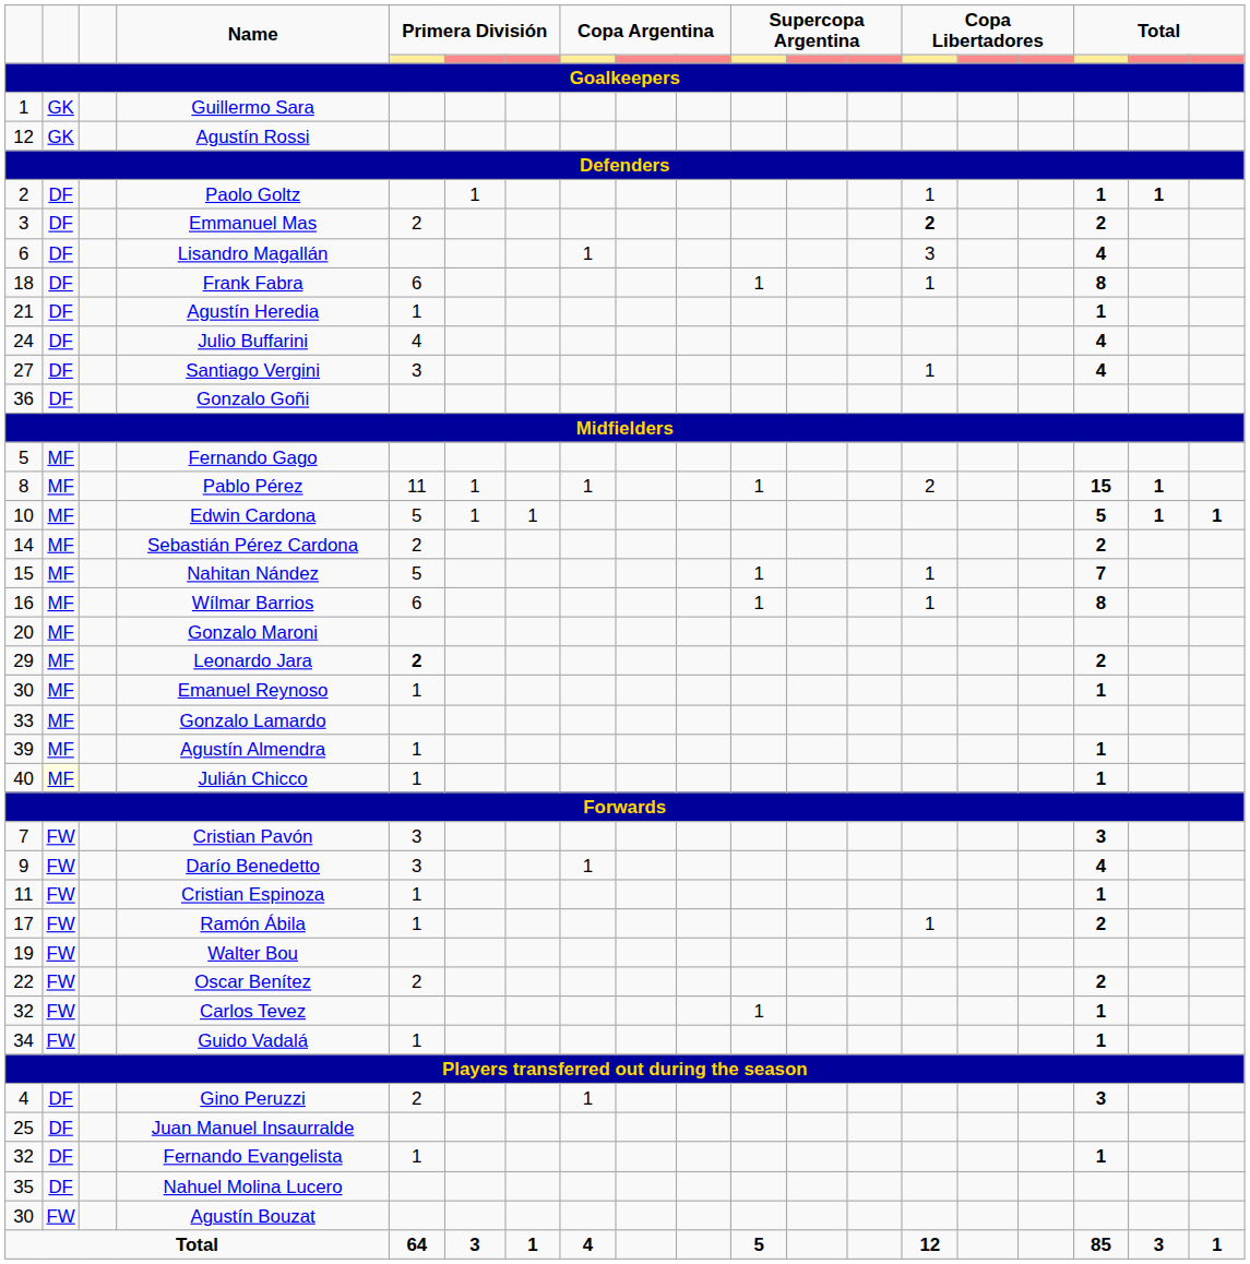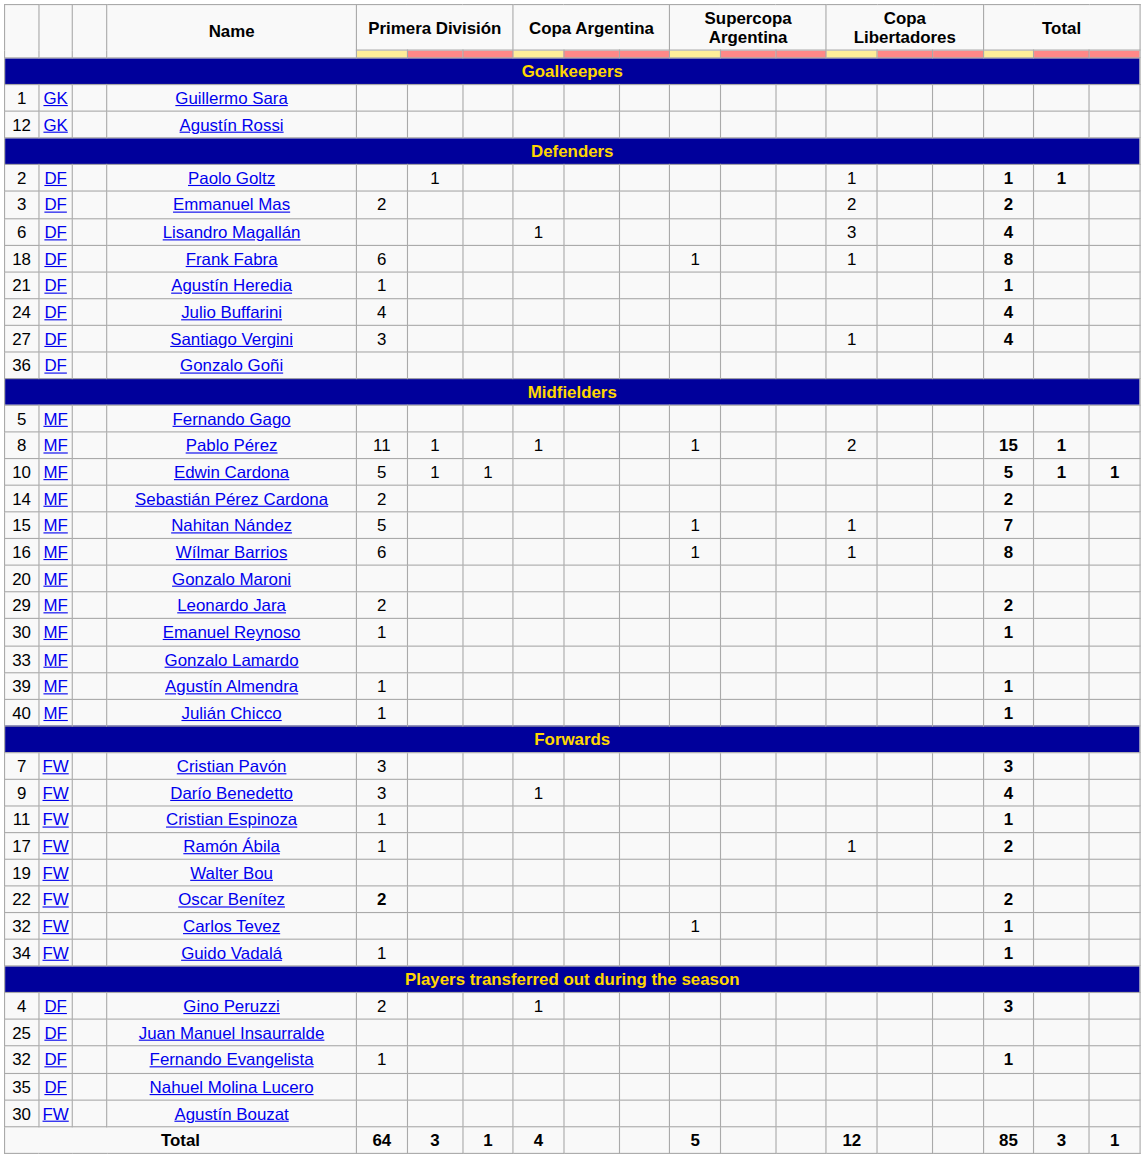 <table class="wikitable" style="font-size: 95%; text-align: center;">
 <tr>
 <td rowspan="2"  style="width:3%; text-align:center;"><strong></strong></td>
 <td rowspan="2"  style="width:3%; text-align:center;"><strong></strong></td>
 <td rowspan="2"  style="width:3%; text-align:center;"><strong></strong></td>
 <td rowspan="2"  style="width:22%; text-align:center;"><strong>Name</strong></td>
 <td colspan="3" style="text-align:center;"><strong>Primera División</strong></td>
 <td colspan="3" style="text-align:center;"><strong>Copa Argentina</strong></td>
 <td colspan="3" style="text-align:center;"><strong>Supercopa Argentina</strong></td>
 <td colspan="3" style="text-align:center;"><strong>Copa Libertadores</strong></td>
 <td colspan="3" style="text-align:center;"><strong>Total</strong></td>
 </tr>
 <tr>
 <th style="width:25px; background:#fe9;"></th>
 <th style="width:28px; background:#ff8888;"></th>
 <th style="width:25px; background:#ff8888;"></th>
 <th style="width:25px; background:#fe9;"></th>
 <th style="width:28px; background:#ff8888;"></th>
 <th style="width:25px; background:#ff8888;"></th>
 <th style="width:25px; background:#fe9;"></th>
 <th style="width:28px; background:#ff8888;"></th>
 <th style="width:25px; background:#ff8888;"></th>
 <th style="width:25px; background:#fe9;"></th>
 <th style="width:28px; background:#ff8888;"></th>
 <th style="width:25px; background:#ff8888;"></th>
 <th style="width:25px; background:#fe9;"></th>
 <th style="width:28px; background:#ff8888;"></th>
 <th style="width:25px; background:#ff8888;"></th>
 </tr>
 <tr>
 <th colspan="19" style="background:#00009B; color:gold; text-align:center">Goalkeepers</th>
 </tr>
 <tr>
 <td>1</td>
 <td><a href='#'>GK</a></td>
 <td></td>
 <td><a href='#'>Guillermo Sara</a></td>
 <td></td>
 <td></td>
 <td></td>
 <td></td>
 <td></td>
 <td></td>
 <td></td>
 <td></td>
 <td></td>
 <td></td>
 <td></td>
 <td></td>
 <td></td>
 <td></td>
 <td></td>
 </tr>
 <tr>
 <td>12</td>
 <td><a href='#'>GK</a></td>
 <td></td>
 <td><a href='#'>Agustín Rossi</a></td>
 <td></td>
 <td></td>
 <td></td>
 <td></td>
 <td></td>
 <td></td>
 <td></td>
 <td></td>
 <td></td>
 <td></td>
 <td></td>
 <td></td>
 <td></td>
 <td></td>
 <td></td>
 </tr>
 <tr>
 <th colspan="19" style="background:#00009B; color:gold; text-align:center">Defenders</th>
 </tr>
 <tr>
 <td>2</td>
 <td><a href='#'>DF</a></td>
 <td></td>
 <td><a href='#'>Paolo Goltz</a></td>
 <td></td>
 <td>1</td>
 <td></td>
 <td></td>
 <td></td>
 <td></td>
 <td></td>
 <td></td>
 <td></td>
 <td>1</td>
 <td></td>
 <td></td>
 <td><strong>1</strong></td>
 <td><strong>1</strong></td>
 <td></td>
 </tr>
 <tr>
 <td>3</td>
 <td><a href='#'>DF</a></td>
 <td></td>
 <td><a href='#'>Emmanuel Mas</a></td>
 <td>2</td>
 <td></td>
 <td></td>
 <td></td>
 <td></td>
 <td></td>
 <td></td>
 <td></td>
 <td></td>
-<td><strong>2</strong></td>
+<td>2</td>
 <td></td>
 <td></td>
 <td><strong>2</strong></td>
 <td></td>
 <td></td>
 </tr>
 <tr>
 <td>6</td>
 <td><a href='#'>DF</a></td>
 <td></td>
 <td><a href='#'>Lisandro Magallán</a></td>
 <td></td>
 <td></td>
 <td></td>
 <td>1</td>
 <td></td>
 <td></td>
 <td></td>
 <td></td>
 <td></td>
 <td>3</td>
 <td></td>
 <td></td>
 <td><strong>4</strong></td>
 <td></td>
 <td></td>
 </tr>
 <tr>
 <td>18</td>
 <td><a href='#'>DF</a></td>
 <td></td>
 <td><a href='#'>Frank Fabra</a></td>
 <td>6</td>
 <td></td>
 <td></td>
 <td></td>
 <td></td>
 <td></td>
 <td>1</td>
 <td></td>
 <td></td>
 <td>1</td>
 <td></td>
 <td></td>
 <td><strong>8</strong></td>
 <td></td>
 <td></td>
 </tr>
 <tr>
 <td>21</td>
 <td><a href='#'>DF</a></td>
 <td></td>
 <td><a href='#'>Agustín Heredia</a></td>
 <td>1</td>
 <td></td>
 <td></td>
 <td></td>
 <td></td>
 <td></td>
 <td></td>
 <td></td>
 <td></td>
 <td></td>
 <td></td>
 <td></td>
 <td><strong>1</strong></td>
 <td></td>
 <td></td>
 </tr>
 <tr>
 <td>24</td>
 <td><a href='#'>DF</a></td>
 <td></td>
 <td><a href='#'>Julio Buffarini</a></td>
 <td>4</td>
 <td></td>
 <td></td>
 <td></td>
 <td></td>
 <td></td>
 <td></td>
 <td></td>
 <td></td>
 <td></td>
 <td></td>
 <td></td>
 <td><strong>4</strong></td>
 <td></td>
 <td></td>
 </tr>
 <tr>
 <td>27</td>
 <td><a href='#'>DF</a></td>
 <td></td>
 <td><a href='#'>Santiago Vergini</a></td>
 <td>3</td>
 <td></td>
 <td></td>
 <td></td>
 <td></td>
 <td></td>
 <td></td>
 <td></td>
 <td></td>
 <td>1</td>
 <td></td>
 <td></td>
 <td><strong>4</strong></td>
 <td></td>
 <td></td>
 </tr>
 <tr>
 <td>36</td>
 <td><a href='#'>DF</a></td>
 <td></td>
 <td><a href='#'>Gonzalo Goñi</a></td>
 <td></td>
 <td></td>
 <td></td>
 <td></td>
 <td></td>
 <td></td>
 <td></td>
 <td></td>
 <td></td>
 <td></td>
 <td></td>
 <td></td>
 <td></td>
 <td></td>
 <td></td>
 </tr>
 <tr>
 <th colspan="19" style="background:#00009B; color:gold; text-align:center">Midfielders</th>
 </tr>
 <tr>
 <td>5</td>
 <td><a href='#'>MF</a></td>
 <td></td>
 <td><a href='#'>Fernando Gago</a></td>
 <td></td>
 <td></td>
 <td></td>
 <td></td>
 <td></td>
 <td></td>
 <td></td>
 <td></td>
 <td></td>
 <td></td>
 <td></td>
 <td></td>
 <td></td>
 <td></td>
 <td></td>
 </tr>
 <tr>
 <td>8</td>
 <td><a href='#'>MF</a></td>
 <td></td>
 <td><a href='#'>Pablo Pérez</a></td>
 <td>11</td>
 <td>1</td>
 <td></td>
 <td>1</td>
 <td></td>
 <td></td>
 <td>1</td>
 <td></td>
 <td></td>
 <td>2</td>
 <td></td>
 <td></td>
 <td><strong>15</strong></td>
 <td><strong>1</strong></td>
 <td></td>
 </tr>
 <tr>
 <td>10</td>
 <td><a href='#'>MF</a></td>
 <td></td>
 <td><a href='#'>Edwin Cardona</a></td>
 <td>5</td>
 <td>1</td>
 <td>1</td>
 <td></td>
 <td></td>
 <td></td>
 <td></td>
 <td></td>
 <td></td>
 <td></td>
 <td></td>
 <td></td>
 <td><strong>5</strong></td>
 <td><strong>1</strong></td>
 <td><strong>1</strong></td>
 </tr>
 <tr>
 <td>14</td>
 <td><a href='#'>MF</a></td>
 <td></td>
 <td><a href='#'>Sebastián Pérez Cardona</a></td>
 <td>2</td>
 <td></td>
 <td></td>
 <td></td>
 <td></td>
 <td></td>
 <td></td>
 <td></td>
 <td></td>
 <td></td>
 <td></td>
 <td></td>
 <td><strong>2</strong></td>
 <td></td>
 <td></td>
 </tr>
 <tr>
 <td>15</td>
 <td><a href='#'>MF</a></td>
 <td></td>
 <td><a href='#'>Nahitan Nández</a></td>
 <td>5</td>
 <td></td>
 <td></td>
 <td></td>
 <td></td>
 <td></td>
 <td>1</td>
 <td></td>
 <td></td>
 <td>1</td>
 <td></td>
 <td></td>
 <td><strong>7</strong></td>
 <td></td>
 <td></td>
 </tr>
 <tr>
 <td>16</td>
 <td><a href='#'>MF</a></td>
 <td></td>
 <td><a href='#'>Wílmar Barrios</a></td>
 <td>6</td>
 <td></td>
 <td></td>
 <td></td>
 <td></td>
 <td></td>
 <td>1</td>
 <td></td>
 <td></td>
 <td>1</td>
 <td></td>
 <td></td>
 <td><strong>8</strong></td>
 <td></td>
 <td></td>
 </tr>
 <tr>
 <td>20</td>
 <td><a href='#'>MF</a></td>
 <td></td>
 <td><a href='#'>Gonzalo Maroni</a></td>
 <td></td>
 <td></td>
 <td></td>
 <td></td>
 <td></td>
 <td></td>
 <td></td>
 <td></td>
 <td></td>
 <td></td>
 <td></td>
 <td></td>
 <td></td>
 <td></td>
 <td></td>
 </tr>
 <tr>
 <td>29</td>
 <td><a href='#'>MF</a></td>
 <td></td>
 <td><a href='#'>Leonardo Jara</a></td>
-<td><strong>2</strong></td>
+<td>2</td>
 <td></td>
 <td></td>
 <td></td>
 <td></td>
 <td></td>
 <td></td>
 <td></td>
 <td></td>
 <td></td>
 <td></td>
 <td></td>
 <td><strong>2</strong></td>
 <td></td>
 <td></td>
 </tr>
 <tr>
 <td>30</td>
 <td><a href='#'>MF</a></td>
 <td></td>
 <td><a href='#'>Emanuel Reynoso</a></td>
 <td>1</td>
 <td></td>
 <td></td>
 <td></td>
 <td></td>
 <td></td>
 <td></td>
 <td></td>
 <td></td>
 <td></td>
 <td></td>
 <td></td>
 <td><strong>1</strong></td>
 <td></td>
 <td></td>
 </tr>
 <tr>
 <td>33</td>
 <td><a href='#'>MF</a></td>
 <td></td>
 <td><a href='#'>Gonzalo Lamardo</a></td>
 <td></td>
 <td></td>
 <td></td>
 <td></td>
 <td></td>
 <td></td>
 <td></td>
 <td></td>
 <td></td>
 <td></td>
 <td></td>
 <td></td>
 <td></td>
 <td></td>
 <td></td>
 </tr>
 <tr>
 <td>39</td>
 <td><a href='#'>MF</a></td>
 <td></td>
 <td><a href='#'>Agustín Almendra</a></td>
 <td>1</td>
 <td></td>
 <td></td>
 <td></td>
 <td></td>
 <td></td>
 <td></td>
 <td></td>
 <td></td>
 <td></td>
 <td></td>
 <td></td>
 <td><strong>1</strong></td>
 <td></td>
 <td></td>
 </tr>
 <tr>
 <td>40</td>
-<td style="background: lightyellow;"><a href='#'>MF</a></td>
+<td><a href='#'>MF</a></td>
 <td></td>
 <td><a href='#'>Julián Chicco</a></td>
 <td>1</td>
 <td></td>
 <td></td>
 <td></td>
 <td></td>
 <td></td>
 <td></td>
 <td></td>
 <td></td>
 <td></td>
 <td></td>
 <td></td>
 <td><strong>1</strong></td>
 <td></td>
 <td></td>
 </tr>
 <tr>
 <th colspan="19" style="background:#00009B; color:gold; text-align:center">Forwards</th>
 </tr>
 <tr>
 <td>7</td>
 <td><a href='#'>FW</a></td>
 <td></td>
 <td><a href='#'>Cristian Pavón</a></td>
 <td>3</td>
 <td></td>
 <td></td>
 <td></td>
 <td></td>
 <td></td>
 <td></td>
 <td></td>
 <td></td>
 <td></td>
 <td></td>
 <td></td>
 <td><strong>3</strong></td>
 <td></td>
 <td></td>
 </tr>
 <tr>
 <td>9</td>
 <td><a href='#'>FW</a></td>
 <td></td>
 <td><a href='#'>Darío Benedetto</a></td>
 <td>3</td>
 <td></td>
 <td></td>
 <td>1</td>
 <td></td>
 <td></td>
 <td></td>
 <td></td>
 <td></td>
 <td></td>
 <td></td>
 <td></td>
 <td><strong>4</strong></td>
 <td></td>
 <td></td>
 </tr>
 <tr>
 <td>11</td>
 <td><a href='#'>FW</a></td>
 <td></td>
 <td><a href='#'>Cristian Espinoza</a></td>
 <td>1</td>
 <td></td>
 <td></td>
 <td></td>
 <td></td>
 <td></td>
 <td></td>
 <td></td>
 <td></td>
 <td></td>
 <td></td>
 <td></td>
 <td><strong>1</strong></td>
 <td></td>
 <td></td>
 </tr>
 <tr>
 <td>17</td>
 <td><a href='#'>FW</a></td>
 <td></td>
 <td><a href='#'>Ramón Ábila</a></td>
 <td>1</td>
 <td></td>
 <td></td>
 <td></td>
 <td></td>
 <td></td>
 <td></td>
 <td></td>
 <td></td>
 <td>1</td>
 <td></td>
 <td></td>
 <td><strong>2</strong></td>
 <td></td>
 <td></td>
 </tr>
 <tr>
 <td>19</td>
 <td><a href='#'>FW</a></td>
 <td></td>
 <td><a href='#'>Walter Bou</a></td>
 <td></td>
 <td></td>
 <td></td>
 <td></td>
 <td></td>
 <td></td>
 <td></td>
 <td></td>
 <td></td>
 <td></td>
 <td></td>
 <td></td>
 <td></td>
 <td></td>
 <td></td>
 </tr>
 <tr>
 <td>22</td>
 <td><a href='#'>FW</a></td>
 <td></td>
 <td><a href='#'>Oscar Benítez</a></td>
-<td>2</td>
+<td><strong>2</strong></td>
 <td></td>
 <td></td>
 <td></td>
 <td></td>
 <td></td>
 <td></td>
 <td></td>
 <td></td>
 <td></td>
 <td></td>
 <td></td>
 <td><strong>2</strong></td>
 <td></td>
 <td></td>
 </tr>
 <tr>
 <td>32</td>
 <td><a href='#'>FW</a></td>
 <td></td>
 <td><a href='#'>Carlos Tevez</a></td>
 <td></td>
 <td></td>
 <td></td>
 <td></td>
 <td></td>
 <td></td>
 <td>1</td>
 <td></td>
 <td></td>
 <td></td>
 <td></td>
 <td></td>
 <td><strong>1</strong></td>
 <td></td>
 <td></td>
 </tr>
 <tr>
 <td>34</td>
 <td><a href='#'>FW</a></td>
 <td></td>
 <td><a href='#'>Guido Vadalá</a></td>
 <td>1</td>
 <td></td>
 <td></td>
 <td></td>
 <td></td>
 <td></td>
 <td></td>
 <td></td>
 <td></td>
 <td></td>
 <td></td>
 <td></td>
 <td><strong>1</strong></td>
 <td></td>
 <td></td>
 </tr>
 <tr>
 <th colspan="19" style="background:#00009B; color:gold; text-align:center">Players transferred out during the season</th>
 </tr>
 <tr>
 <td>4</td>
 <td><a href='#'>DF</a></td>
 <td></td>
 <td><a href='#'>Gino Peruzzi</a></td>
 <td>2</td>
 <td></td>
 <td></td>
 <td>1</td>
 <td></td>
 <td></td>
 <td></td>
 <td></td>
 <td></td>
 <td></td>
 <td></td>
 <td></td>
 <td><strong>3</strong></td>
 <td></td>
 <td></td>
 </tr>
 <tr>
 <td>25</td>
 <td><a href='#'>DF</a></td>
 <td></td>
 <td><a href='#'>Juan Manuel Insaurralde</a></td>
 <td></td>
 <td></td>
 <td></td>
 <td></td>
 <td></td>
 <td></td>
 <td></td>
 <td></td>
 <td></td>
 <td></td>
 <td></td>
 <td></td>
 <td></td>
 <td></td>
 <td></td>
 </tr>
 <tr>
 <td>32</td>
 <td><a href='#'>DF</a></td>
 <td></td>
 <td><a href='#'>Fernando Evangelista</a></td>
 <td>1</td>
 <td></td>
 <td></td>
 <td></td>
 <td></td>
 <td></td>
 <td></td>
 <td></td>
 <td></td>
 <td></td>
 <td></td>
 <td></td>
 <td><strong>1</strong></td>
 <td></td>
 <td></td>
 </tr>
 <tr>
 <td>35</td>
 <td><a href='#'>DF</a></td>
 <td></td>
 <td><a href='#'>Nahuel Molina Lucero</a></td>
 <td></td>
 <td></td>
 <td></td>
 <td></td>
 <td></td>
 <td></td>
 <td></td>
 <td></td>
 <td></td>
 <td></td>
 <td></td>
 <td></td>
 <td></td>
 <td></td>
 <td></td>
 </tr>
 <tr>
 <td>30</td>
 <td><a href='#'>FW</a></td>
 <td></td>
 <td><a href='#'>Agustín Bouzat</a></td>
 <td></td>
 <td></td>
 <td></td>
 <td></td>
 <td></td>
 <td></td>
 <td></td>
 <td></td>
 <td></td>
 <td></td>
 <td></td>
 <td></td>
 <td></td>
 <td></td>
 <td></td>
 </tr>
 <tr>
 <td colspan=4><strong>Total</strong></td>
 <td><strong>64</strong></td>
 <td><strong>3</strong></td>
 <td><strong>1</strong></td>
 <td><strong>4</strong></td>
 <td></td>
 <td></td>
 <td><strong>5</strong></td>
 <td></td>
 <td></td>
 <td><strong>12</strong></td>
 <td></td>
 <td></td>
 <td><strong>85</strong></td>
 <td><strong>3</strong></td>
 <td><strong>1</strong></td>
 </tr>
 </table>
